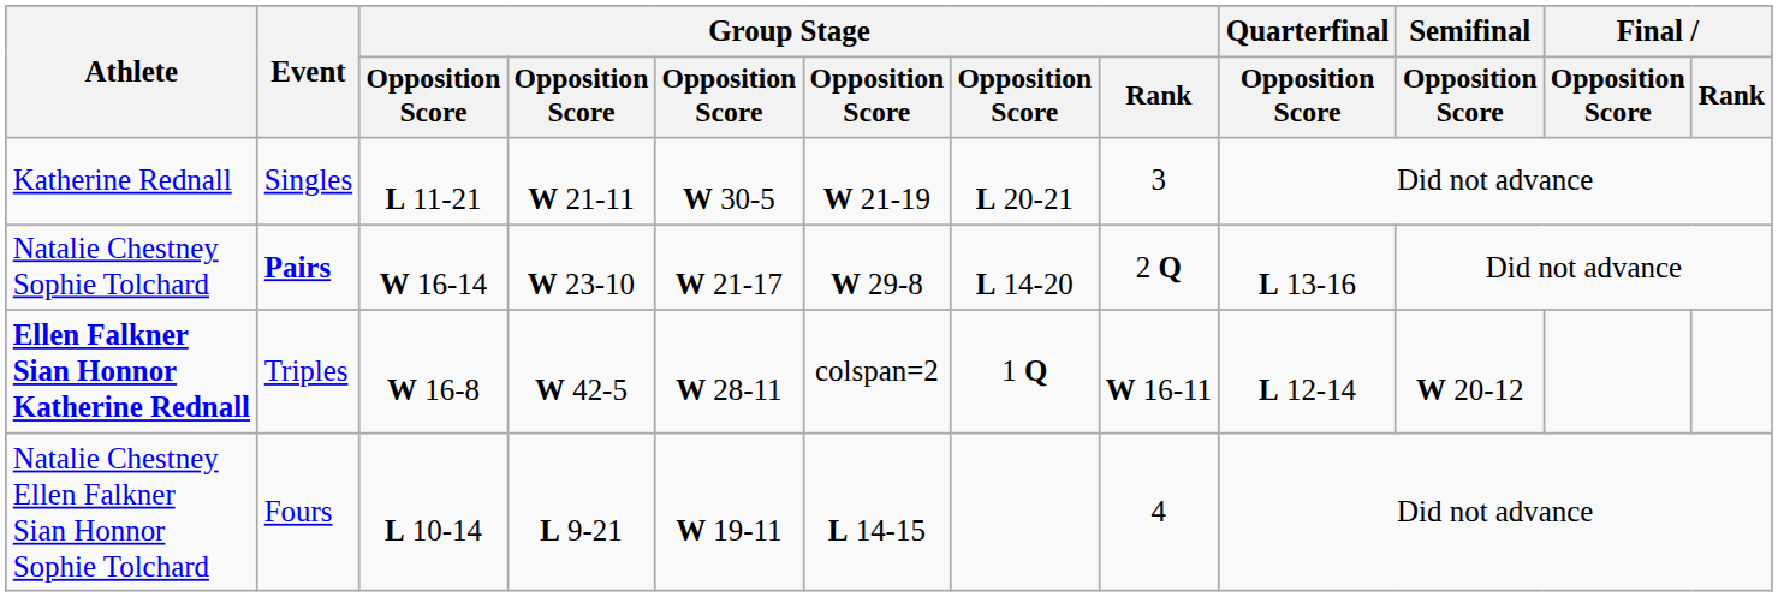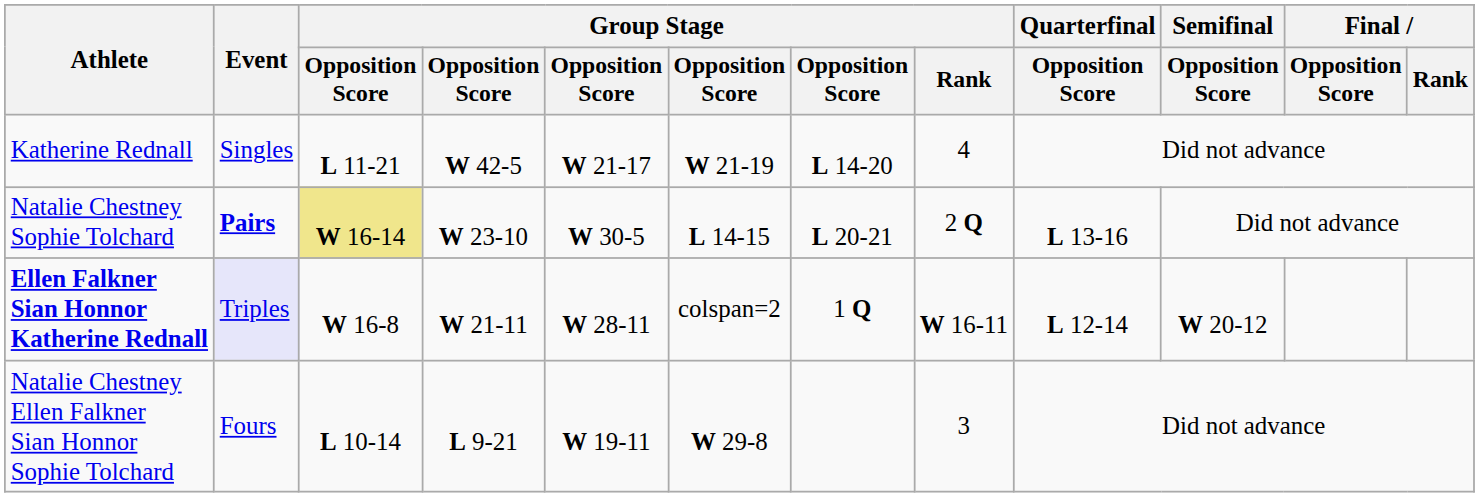 <table class="wikitable" style="font-size:88%">
 <tr>
 <th rowspan=2>Athlete</th>
 <th rowspan=2>Event</th>
 <th colspan=6>Group Stage</th>
 <th>Quarterfinal</th>
 <th>Semifinal</th>
 <th colspan=2>Final / </th>
 </tr>
 <tr style="font-size:95%">
 <th>Opposition<br>Score</th>
 <th>Opposition<br>Score</th>
 <th>Opposition<br>Score</th>
 <th>Opposition<br>Score</th>
 <th>Opposition<br>Score</th>
 <th>Rank</th>
 <th>Opposition<br>Score</th>
 <th>Opposition<br>Score</th>
 <th>Opposition<br>Score</th>
 <th>Rank</th>
 </tr>
 <tr align=center>
 <td align=left><a href='#'>Katherine Rednall</a></td>
 <td align=left><a href='#'>Singles</a></td>
 <td><br><strong>L</strong> 11-21</td>
-<td><br><strong>W</strong> 21-11</td>
-<td><br><strong>W</strong> 30-5</td>
+<td><br><strong>W</strong> 42-5</td>
+<td><br><strong>W</strong> 21-17</td>
 <td><br><strong>W</strong> 21-19</td>
-<td><br><strong>L</strong> 20-21</td>
-<td>3</td>
+<td><br><strong>L</strong> 14-20</td>
+<td>4</td>
 <td colspan=4>Did not advance</td>
 </tr>
 <tr align=center>
 <td align=left><a href='#'>Natalie Chestney</a><br><a href='#'>Sophie Tolchard</a></td>
 <td align=left><strong><a href='#'>Pairs</a></strong></td>
-<td><br><strong>W</strong> 16-14</td>
+<td style="background: khaki;"><br><strong>W</strong> 16-14</td>
 <td><br><strong>W</strong> 23-10</td>
-<td><br><strong>W</strong> 21-17</td>
-<td><br><strong>W</strong> 29-8</td>
-<td><br><strong>L</strong> 14-20</td>
+<td><br><strong>W</strong> 30-5</td>
+<td><br><strong>L</strong> 14-15</td>
+<td><br><strong>L</strong> 20-21</td>
 <td>2 <strong>Q</strong></td>
 <td><br><strong>L</strong> 13-16</td>
 <td colspan=3>Did not advance</td>
 </tr>
 <tr align=center>
 <td align=left><strong><a href='#'>Ellen Falkner</a></strong><br><strong><a href='#'>Sian Honnor</a></strong><br><strong><a href='#'>Katherine Rednall</a></strong></td>
-<td align=left><a href='#'>Triples</a></td>
+<td align=left style="background: lavender;"><a href='#'>Triples</a></td>
 <td><br><strong>W</strong> 16-8</td>
-<td><br><strong>W</strong> 42-5</td>
+<td><br><strong>W</strong> 21-11</td>
 <td><br><strong>W</strong> 28-11</td>
 <td>colspan=2 </td>
 <td>1 <strong>Q</strong></td>
 <td><br><strong>W</strong> 16-11</td>
 <td><br><strong>L</strong> 12-14</td>
 <td><br><strong>W</strong> 20-12</td>
 <td></td>
 </tr>
 <tr align=center>
 <td align=left><a href='#'>Natalie Chestney</a><br><a href='#'>Ellen Falkner</a><br><a href='#'>Sian Honnor</a><br><a href='#'>Sophie Tolchard</a></td>
 <td align=left><a href='#'>Fours</a></td>
 <td><br><strong>L</strong> 10-14</td>
 <td><br><strong>L</strong> 9-21</td>
 <td><br><strong>W</strong> 19-11</td>
-<td><br><strong>L</strong> 14-15</td>
+<td><br><strong>W</strong> 29-8</td>
 <td></td>
-<td>4</td>
+<td>3</td>
 <td colspan=4>Did not advance</td>
 </tr>
 </table>
